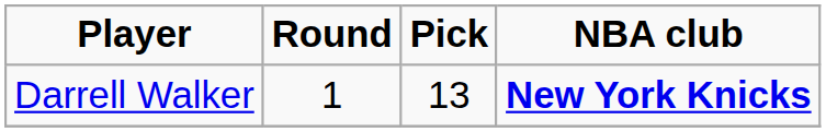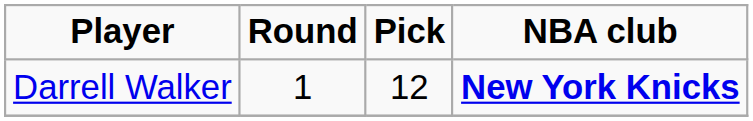 <table class="wikitable">
 <tr align="center">
 <td><strong>Player</strong></td>
 <td><strong>Round</strong></td>
 <td><strong>Pick</strong></td>
 <td><strong>NBA club</strong></td>
 </tr>
 <tr align="center" bgcolor="">
 <td><a href='#'>Darrell Walker</a></td>
 <td>1</td>
-<td>13</td>
+<td>12</td>
 <td><strong><a href='#'>New York Knicks</a></strong></td>
 </tr>
 <tr align="center" bgcolor="">
 </tr>
 </table>
